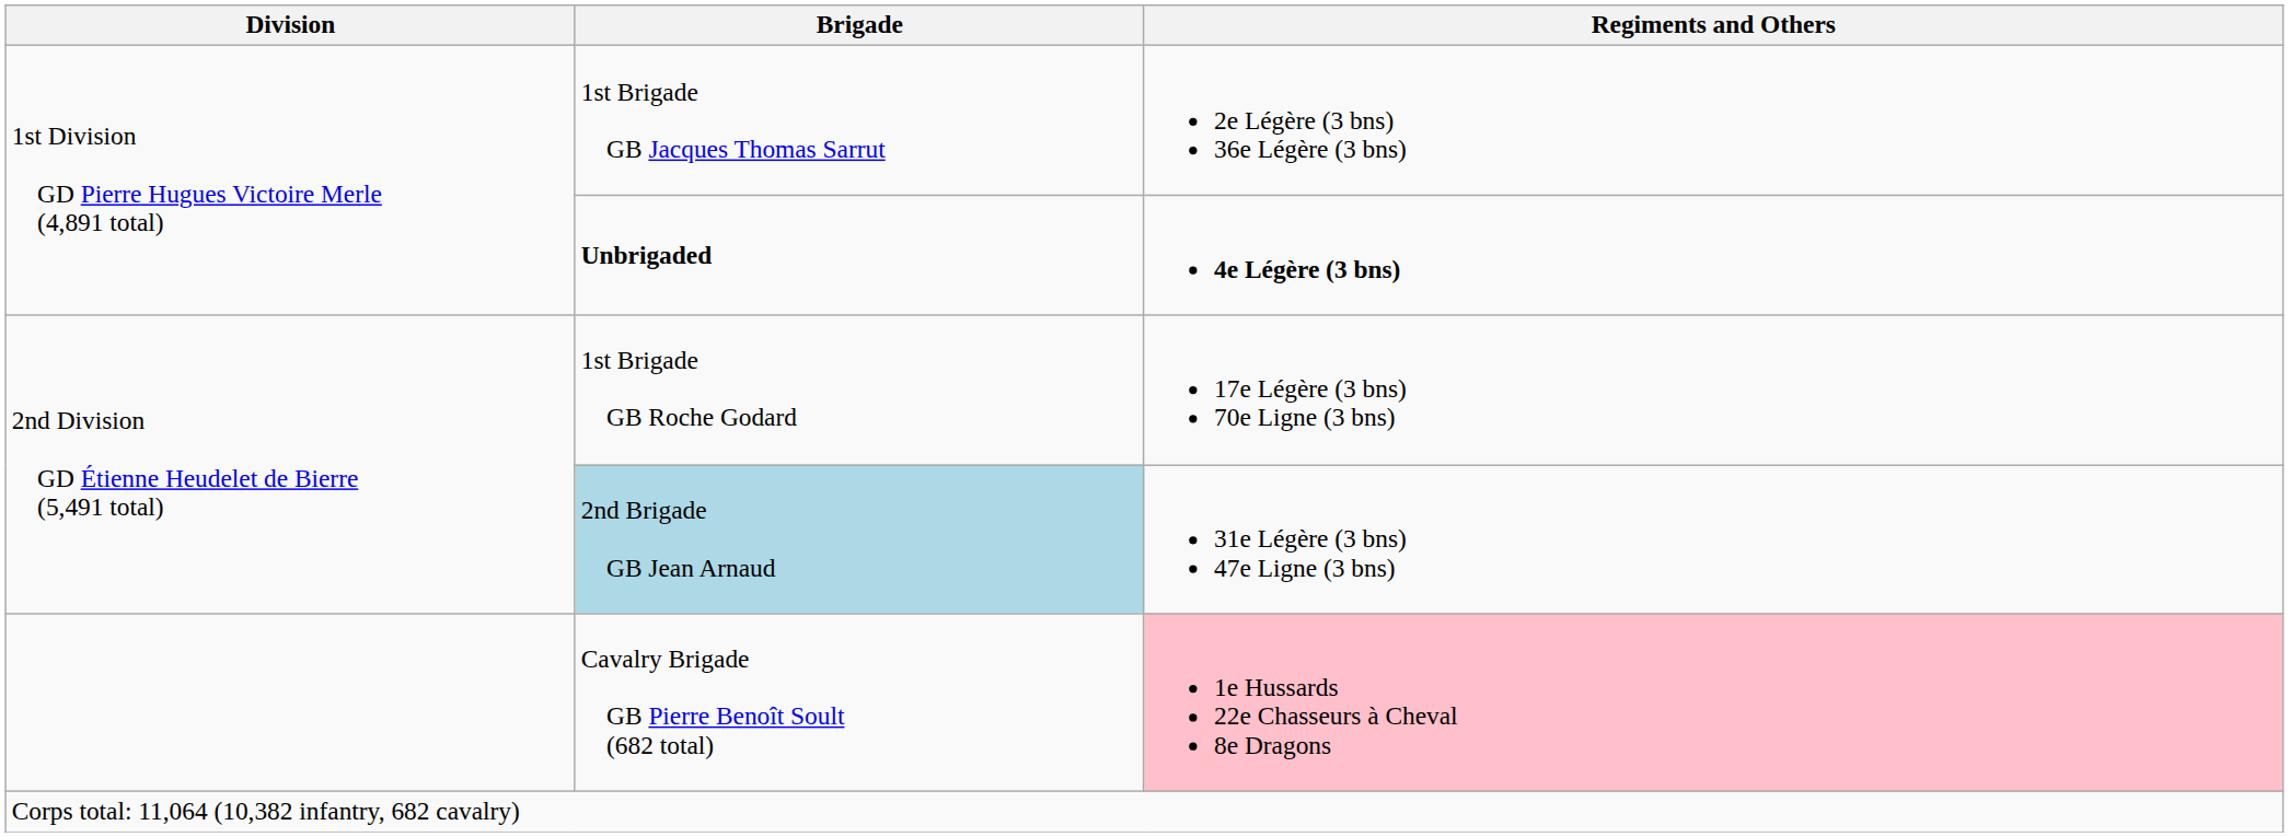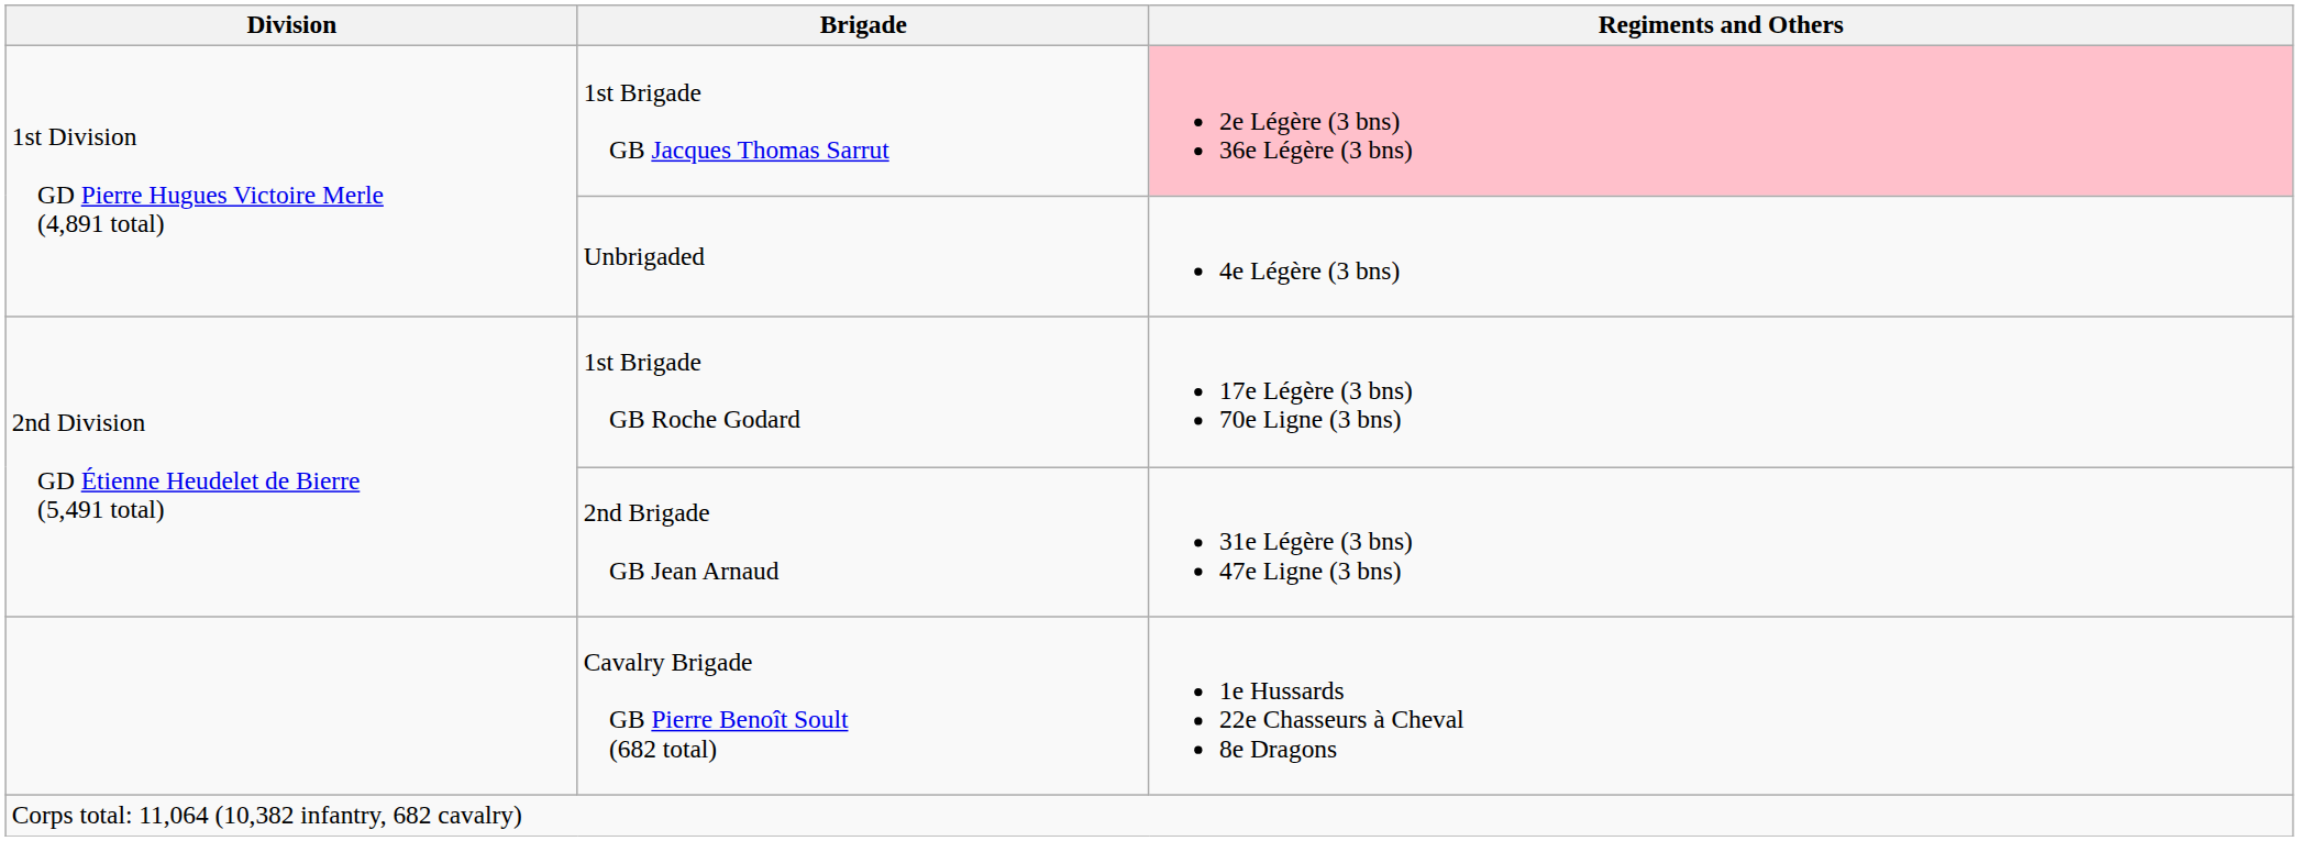 <table class="wikitable" width="90%" style="margin: 1em auto 1em auto">
 <tr>
 <th style="width:25%;">Division</th>
 <th style="width:25%;">Brigade</th>
 <th>Regiments and Others</th>
 </tr>
 <tr>
 <td rowspan=2>1st Division<br><br>    GD <a href='#'>Pierre Hugues Victoire Merle</a> <br>    (4,891 total)</td>
 <td>1st Brigade<br><br>    GB <a href='#'>Jacques Thomas Sarrut</a></td>
-<td><br><ul><li>2e Légère (3 bns)</li><li>36e Légère (3 bns)</li></ul></td>
+<td style="background: pink;"><br><ul><li>2e Légère (3 bns)</li><li>36e Légère (3 bns)</li></ul></td>
 </tr>
 <tr>
-<td><strong>Unbrigaded</strong></td>
-<td><strong><br><ul><li>4e Légère (3 bns)</li></ul></strong></td>
+<td>Unbrigaded</td>
+<td><br><ul><li>4e Légère (3 bns)</li></ul></td>
 </tr>
 <tr>
 <td rowspan=2>2nd Division<br><br>    GD <a href='#'>Étienne Heudelet de Bierre</a> <br>    (5,491 total)</td>
 <td>1st Brigade<br><br>    GB Roche Godard</td>
 <td><br><ul><li>17e Légère (3 bns)</li><li>70e Ligne (3 bns)</li></ul></td>
 </tr>
 <tr>
-<td style="background: lightblue;">2nd Brigade<br><br>    GB Jean Arnaud</td>
+<td>2nd Brigade<br><br>    GB Jean Arnaud</td>
 <td><br><ul><li>31e Légère (3 bns)</li><li>47e Ligne (3 bns)</li></ul></td>
 </tr>
 <tr>
 <td></td>
 <td>Cavalry Brigade<br><br>    GB <a href='#'>Pierre Benoît Soult</a> <br>    (682 total)</td>
-<td style="background: pink;"><br><ul><li>1e Hussards</li><li>22e Chasseurs à Cheval</li><li>8e Dragons</li></ul></td>
+<td><br><ul><li>1e Hussards</li><li>22e Chasseurs à Cheval</li><li>8e Dragons</li></ul></td>
 </tr>
 <tr>
 <td colspan=3>Corps total: 11,064 (10,382 infantry, 682 cavalry)</td>
 </tr>
 </table>
